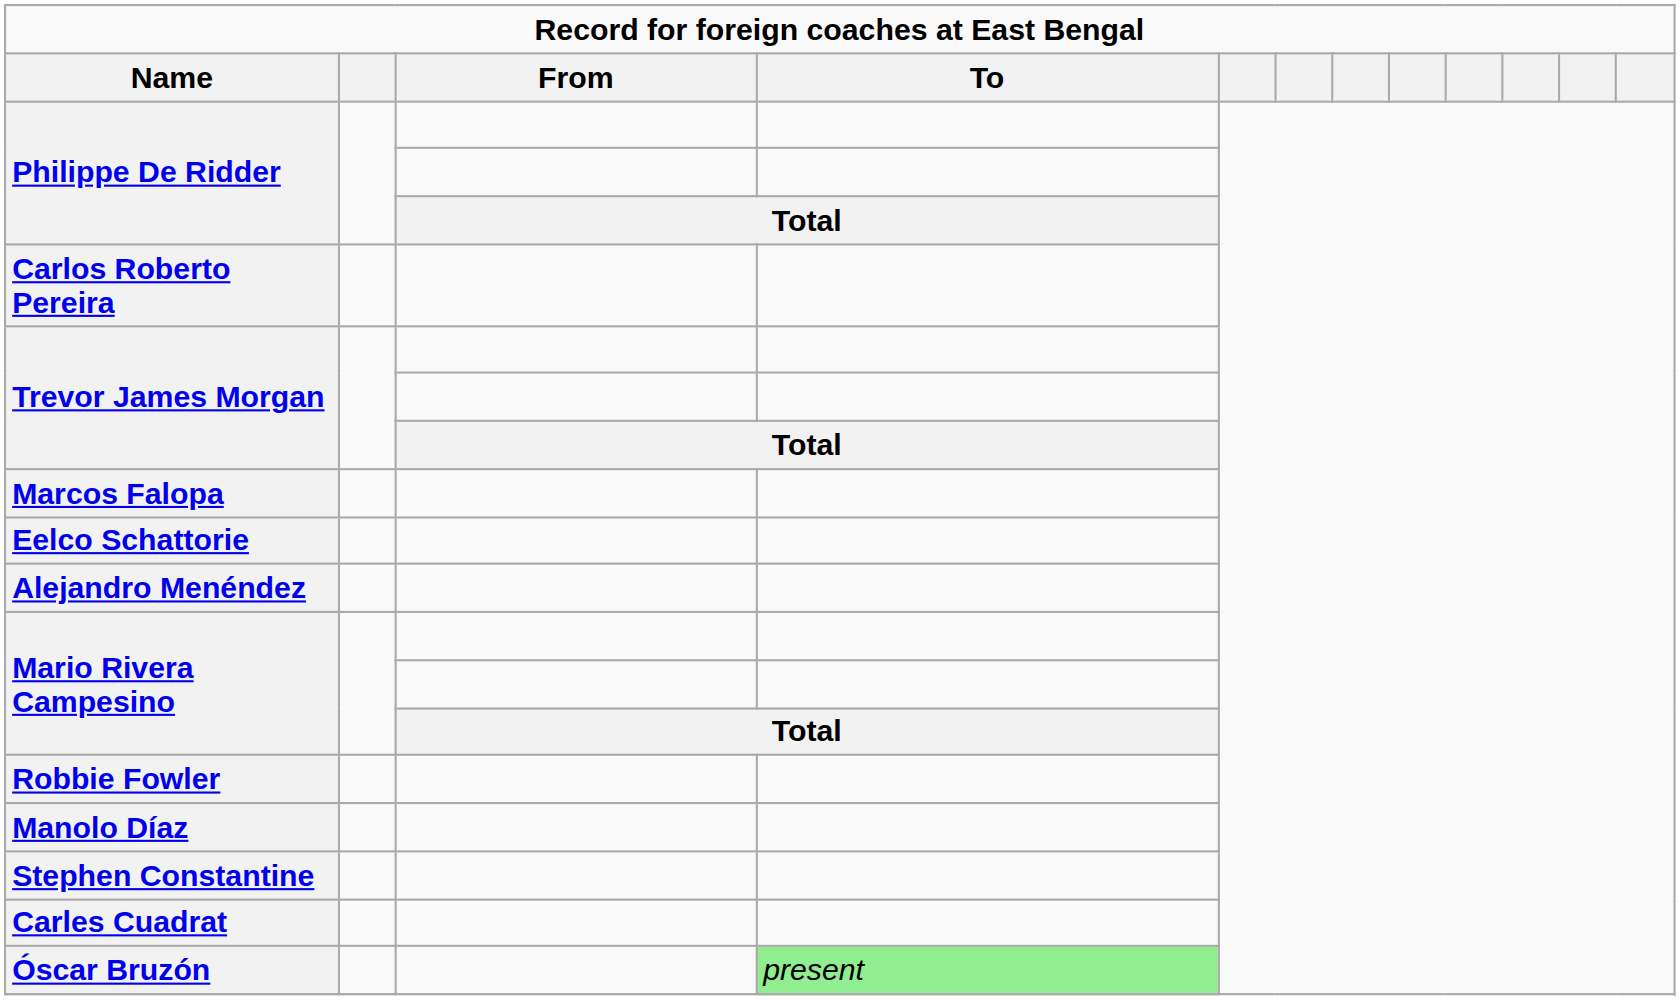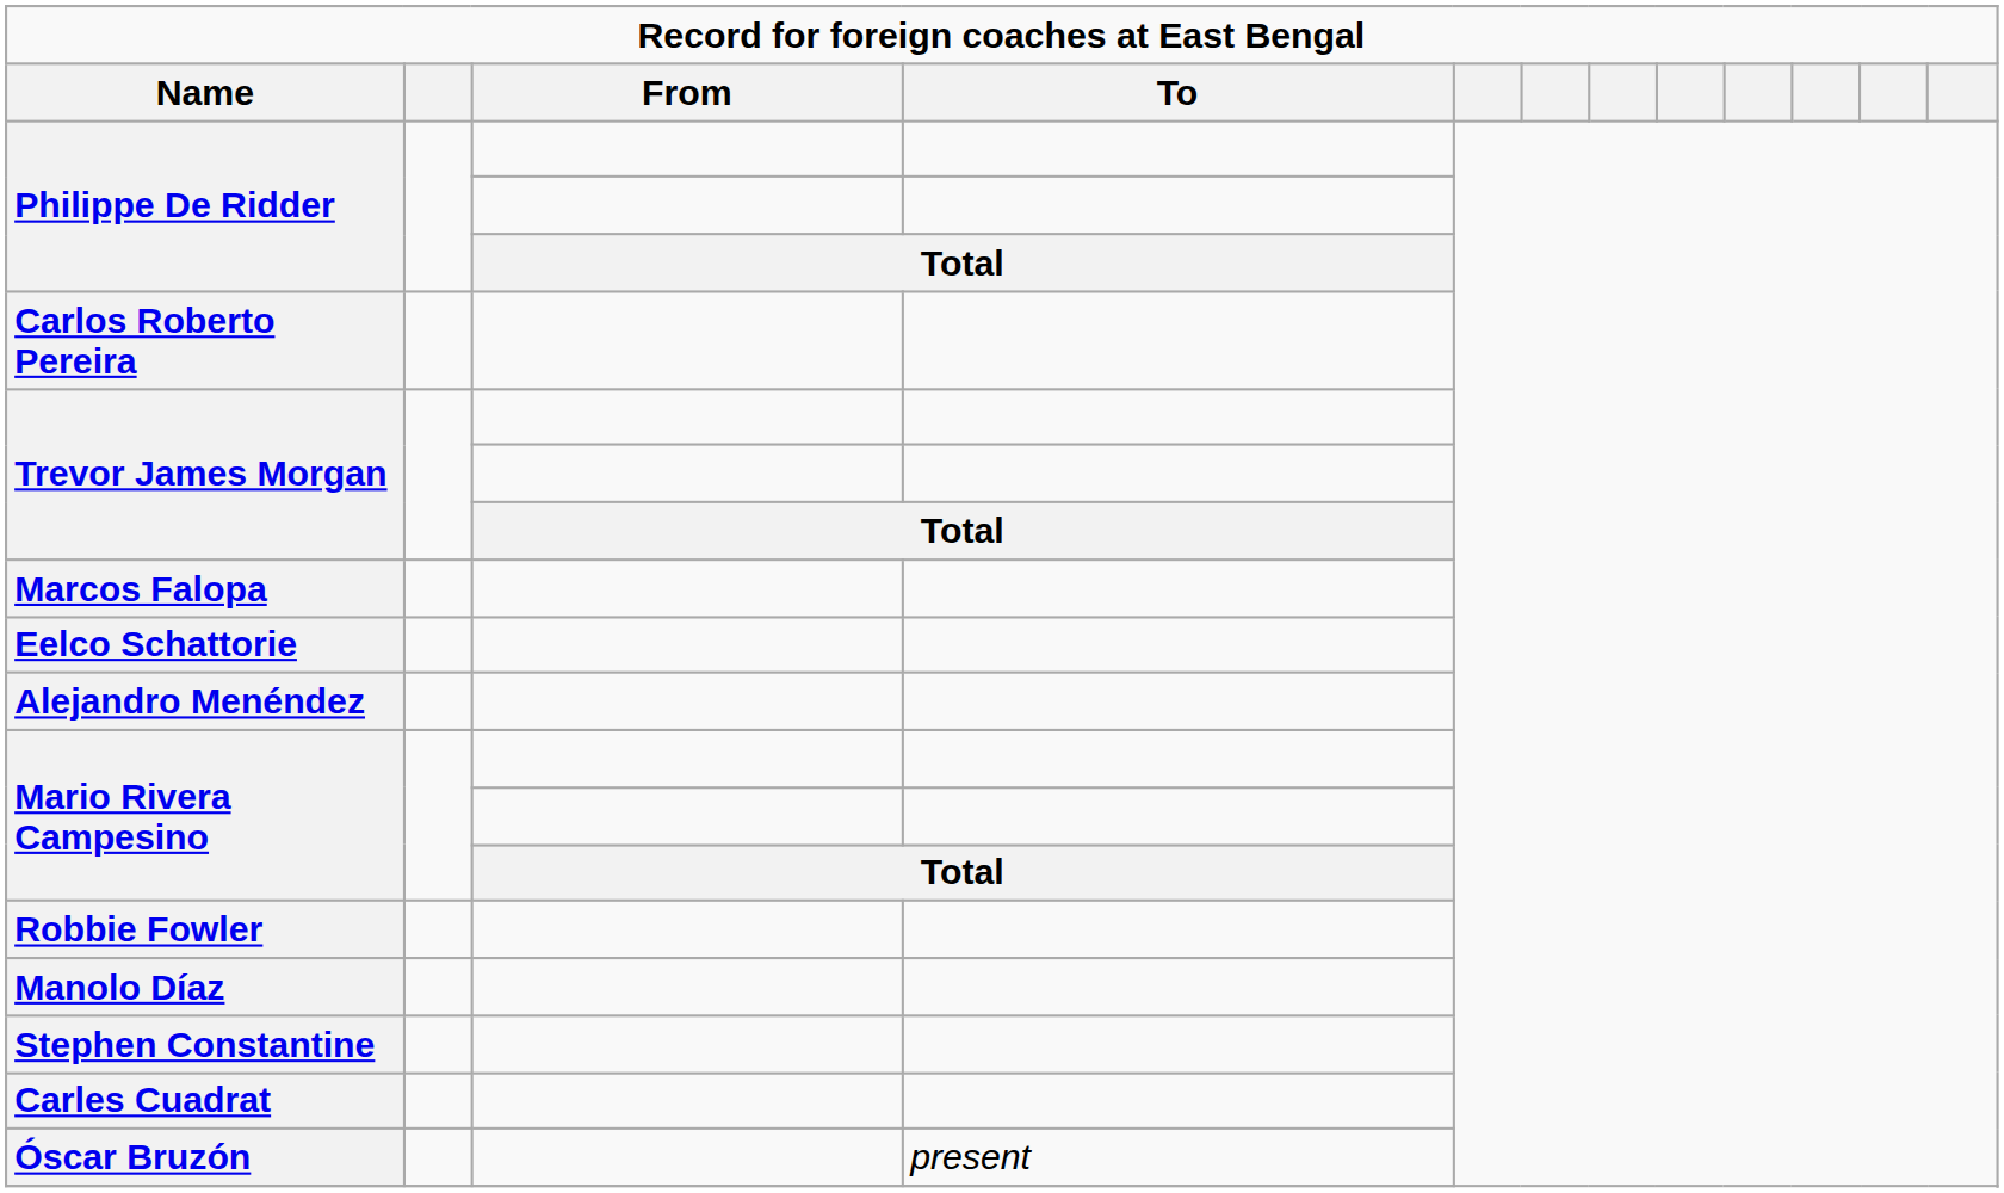 <table class="wikitable plainrowheaders sortable" style="font-size:90%; width:90%; text-align:center">
 <tr>
 <td colspan="12"><strong>Record for foreign coaches at East Bengal</strong></td>
 </tr>
 <tr>
 <th width=20%;>Name</th>
 <th></th>
 <th>From</th>
 <th>To</th>
 <th></th>
 <th></th>
 <th></th>
 <th></th>
 <th></th>
 <th></th>
 <th></th>
 <th></th>
 </tr>
 <tr>
 <th rowspan=3 scope=row style=text-align:left><a href='#'>Philippe De Ridder</a></th>
 <td rowspan=3 align=left></td>
 <td align=left></td>
 <td align=left><br></td>
 </tr>
 <tr>
 <td align=left></td>
 <td align=left><br></td>
 </tr>
 <tr>
 <th colspan=2>Total<br></th>
 </tr>
 <tr>
 <th scope=row style=text-align:left><a href='#'>Carlos Roberto Pereira</a></th>
 <td align=left></td>
 <td align=left></td>
 <td align=left><br></td>
 </tr>
 <tr>
 <th rowspan=3 scope=row style=text-align:left><a href='#'>Trevor James Morgan</a></th>
 <td rowspan=3 align=left></td>
 <td align=left></td>
 <td align=left><br></td>
 </tr>
 <tr>
 <td align=left></td>
 <td align=left><br></td>
 </tr>
 <tr>
 <th colspan=2>Total<br></th>
 </tr>
 <tr>
 <th scope=row style=text-align:left><a href='#'>Marcos Falopa</a></th>
 <td align=left></td>
 <td align=left></td>
 <td align=left><br></td>
 </tr>
 <tr>
 <th scope=row style=text-align:left><a href='#'>Eelco Schattorie</a></th>
 <td align=left></td>
 <td align=left></td>
 <td align=left><br></td>
 </tr>
 <tr>
 <th scope=row style=text-align:left><a href='#'>Alejandro Menéndez</a></th>
 <td align=left></td>
 <td align=left></td>
 <td align=left><br></td>
 </tr>
 <tr>
 <th rowspan=3 scope=row style=text-align:left><a href='#'>Mario Rivera Campesino</a></th>
 <td rowspan=3 align=left></td>
 <td align=left></td>
 <td align=left><br></td>
 </tr>
 <tr>
 <td align=left></td>
 <td align=left><br></td>
 </tr>
 <tr>
 <th colspan=2>Total<br></th>
 </tr>
 <tr>
 <th scope=row style=text-align:left><a href='#'>Robbie Fowler</a></th>
 <td align=left></td>
 <td align=left></td>
 <td align=left><br></td>
 </tr>
 <tr>
 <th scope=row style=text-align:left><a href='#'>Manolo Díaz</a></th>
 <td align=left></td>
 <td align=left></td>
 <td align=left><br></td>
 </tr>
 <tr>
 <th scope=row style=text-align:left><a href='#'>Stephen Constantine</a></th>
 <td align=left></td>
 <td align=left></td>
 <td align=left><br></td>
 </tr>
 <tr>
 <th scope=row style=text-align:left><a href='#'>Carles Cuadrat</a></th>
 <td align=left></td>
 <td align=left></td>
 <td align=left><br></td>
 </tr>
 <tr>
 <th scope=row style=text-align:left><a href='#'>Óscar Bruzón</a></th>
 <td align=left></td>
 <td align=left></td>
-<td align=left style="background: lightgreen;"><em>present</em><br></td>
+<td align=left><em>present</em><br></td>
 </tr>
 <tr>
 </tr>
 </table>
